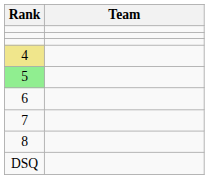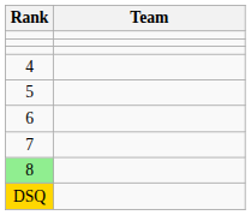 <table class="wikitable" style="text-align: center;">
 <tr>
 <th width=40>Rank</th>
 <th width=180>Team</th>
 </tr>
 <tr>
 <td></td>
 <td align=left></td>
 </tr>
 <tr>
 <td></td>
 <td align=left></td>
 </tr>
 <tr>
 <td></td>
 <td align=left></td>
 </tr>
 <tr>
-<td style="background: khaki;">4</td>
+<td>4</td>
 <td align=left></td>
 </tr>
 <tr>
-<td style="background: lightgreen;">5</td>
+<td>5</td>
 <td align=left></td>
 </tr>
 <tr>
 <td>6</td>
 <td align=left></td>
 </tr>
 <tr>
 <td>7</td>
 <td align=left></td>
 </tr>
 <tr>
-<td>8</td>
+<td style="background: lightgreen;">8</td>
 <td align=left></td>
 </tr>
 <tr>
-<td>DSQ</td>
+<td style="background: gold;">DSQ</td>
 <td align=left></td>
 </tr>
 </table>
